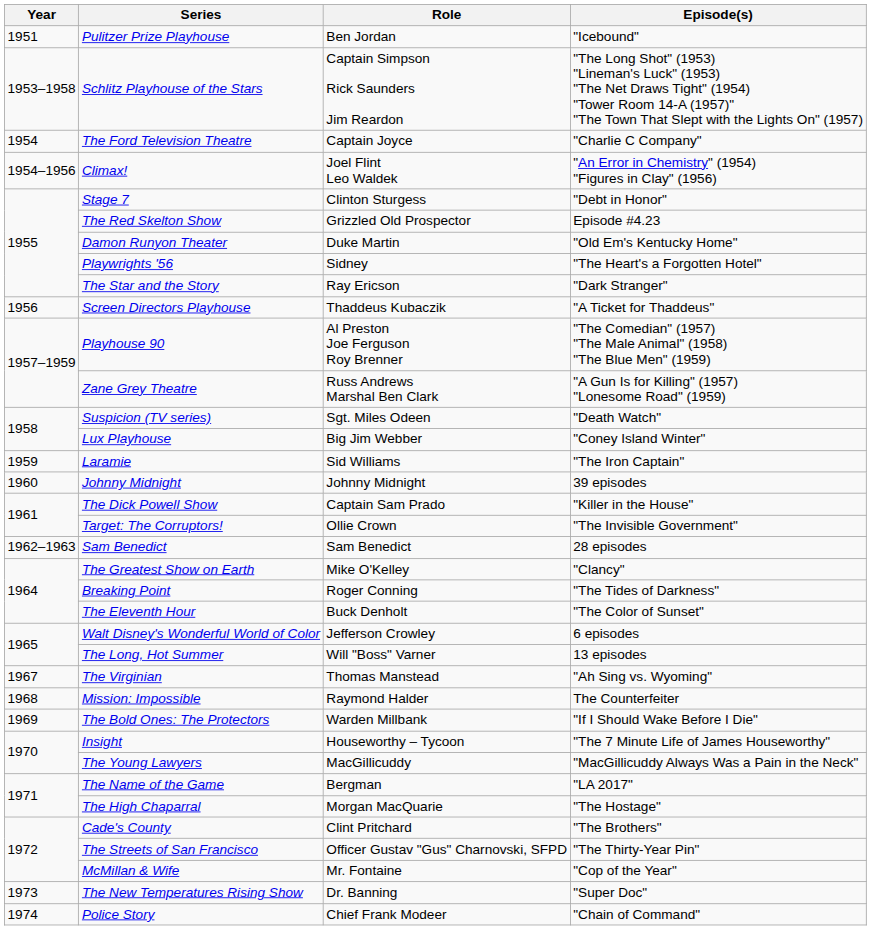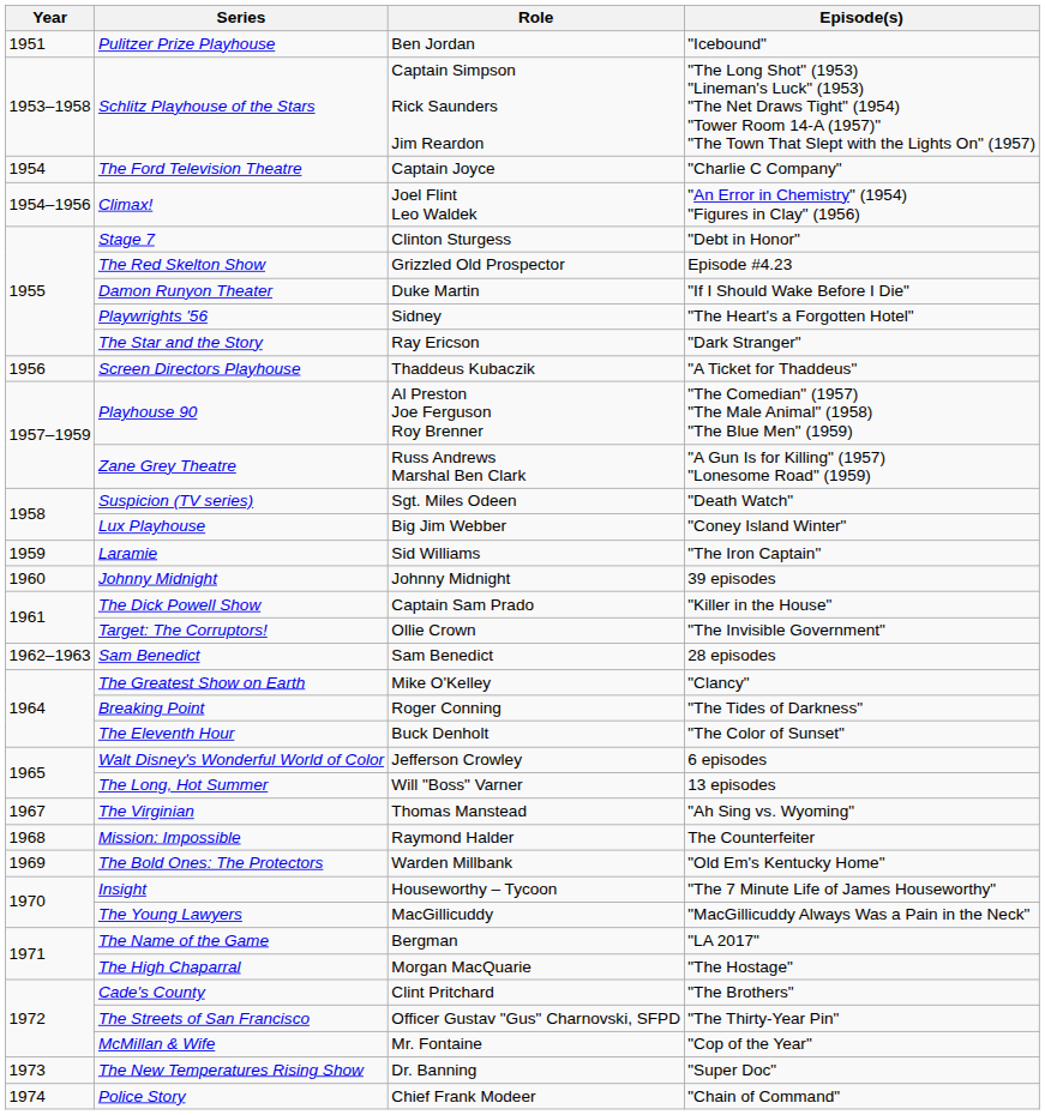 <table class="wikitable">
 <tr>
 <th>Year</th>
 <th>Series</th>
 <th>Role</th>
 <th>Episode(s)</th>
 </tr>
 <tr>
 <td>1951</td>
 <td><em><a href='#'>Pulitzer Prize Playhouse</a></em></td>
 <td>Ben Jordan</td>
 <td>"Icebound"</td>
 </tr>
 <tr>
 <td>1953–1958</td>
 <td><em><a href='#'>Schlitz Playhouse of the Stars</a></em></td>
 <td>Captain Simpson<br><br>Rick Saunders<br><br>Jim Reardon</td>
 <td>"The Long Shot" (1953)<br>"Lineman's Luck" (1953)<br>"The Net Draws Tight" (1954)<br>"Tower Room 14-A (1957)"<br>"The Town That Slept with the Lights On" (1957)</td>
 </tr>
 <tr>
 <td>1954</td>
 <td><em><a href='#'>The Ford Television Theatre</a></em></td>
 <td>Captain Joyce</td>
 <td>"Charlie C Company"</td>
 </tr>
 <tr>
 <td>1954–1956</td>
 <td><em><a href='#'>Climax!</a></em></td>
 <td>Joel Flint<br>Leo Waldek</td>
 <td>"<a href='#'>An Error in Chemistry</a>" (1954)<br>"Figures in Clay" (1956)</td>
 </tr>
 <tr>
 <td rowspan="5">1955</td>
 <td><em><a href='#'>Stage 7</a></em></td>
 <td>Clinton Sturgess</td>
 <td>"Debt in Honor"</td>
 </tr>
 <tr>
 <td><em><a href='#'>The Red Skelton Show</a></em></td>
 <td>Grizzled Old Prospector</td>
 <td>Episode #4.23</td>
 </tr>
 <tr>
 <td><em><a href='#'>Damon Runyon Theater</a></em></td>
 <td>Duke Martin</td>
-<td>"Old Em's Kentucky Home"</td>
+<td>"If I Should Wake Before I Die"</td>
 </tr>
 <tr>
 <td><em><a href='#'>Playwrights '56</a></em></td>
 <td>Sidney</td>
 <td>"The Heart's a Forgotten Hotel"</td>
 </tr>
 <tr>
 <td><em><a href='#'>The Star and the Story</a></em></td>
 <td>Ray Ericson</td>
 <td>"Dark Stranger"</td>
 </tr>
 <tr>
 <td>1956</td>
 <td><em><a href='#'>Screen Directors Playhouse</a></em></td>
 <td>Thaddeus Kubaczik</td>
 <td>"A Ticket for Thaddeus"</td>
 </tr>
 <tr>
 <td rowspan="2">1957–1959</td>
 <td><em><a href='#'>Playhouse 90</a></em></td>
 <td>Al Preston<br>Joe Ferguson<br>Roy Brenner</td>
 <td>"The Comedian" (1957)<br>"The Male Animal" (1958)<br>"The Blue Men" (1959)</td>
 </tr>
 <tr>
 <td><em><a href='#'>Zane Grey Theatre</a></em></td>
 <td>Russ Andrews<br>Marshal Ben Clark</td>
 <td>"A Gun Is for Killing" (1957)<br>"Lonesome Road" (1959)</td>
 </tr>
 <tr>
 <td rowspan="2">1958</td>
 <td><em><a href='#'>Suspicion (TV series)</a></em></td>
 <td>Sgt. Miles Odeen</td>
 <td>"Death Watch"</td>
 </tr>
 <tr>
 <td><em><a href='#'>Lux Playhouse</a></em></td>
 <td>Big Jim Webber</td>
 <td>"Coney Island Winter"</td>
 </tr>
 <tr>
 <td>1959</td>
 <td><em><a href='#'>Laramie</a></em></td>
 <td>Sid Williams</td>
 <td>"The Iron Captain"</td>
 </tr>
 <tr>
 <td>1960</td>
 <td><em><a href='#'>Johnny Midnight</a></em></td>
 <td>Johnny Midnight</td>
 <td>39 episodes</td>
 </tr>
 <tr>
 <td rowspan="2">1961</td>
 <td><em><a href='#'>The Dick Powell Show</a></em></td>
 <td>Captain Sam Prado</td>
 <td>"Killer in the House"</td>
 </tr>
 <tr>
 <td><em><a href='#'>Target: The Corruptors!</a></em></td>
 <td>Ollie Crown</td>
 <td>"The Invisible Government"</td>
 </tr>
 <tr>
 <td>1962–1963</td>
 <td><em><a href='#'>Sam Benedict</a></em></td>
 <td>Sam Benedict</td>
 <td>28 episodes</td>
 </tr>
 <tr>
 <td rowspan="3">1964</td>
 <td><em><a href='#'>The Greatest Show on Earth</a></em></td>
 <td>Mike O'Kelley</td>
 <td>"Clancy"</td>
 </tr>
 <tr>
 <td><em><a href='#'>Breaking Point</a></em></td>
 <td>Roger Conning</td>
 <td>"The Tides of Darkness"</td>
 </tr>
 <tr>
 <td><em><a href='#'>The Eleventh Hour</a></em></td>
 <td>Buck Denholt</td>
 <td>"The Color of Sunset"</td>
 </tr>
 <tr>
 <td rowspan="2">1965</td>
 <td><em><a href='#'>Walt Disney's Wonderful World of Color</a></em></td>
 <td>Jefferson Crowley</td>
 <td>6 episodes</td>
 </tr>
 <tr>
 <td><em><a href='#'>The Long, Hot Summer</a></em></td>
 <td>Will "Boss" Varner</td>
 <td>13 episodes</td>
 </tr>
 <tr>
 <td>1967</td>
 <td><em><a href='#'>The Virginian</a></em></td>
 <td>Thomas Manstead</td>
 <td>"Ah Sing vs. Wyoming"</td>
 </tr>
 <tr>
 <td>1968</td>
 <td><em><a href='#'>Mission: Impossible</a></em></td>
 <td>Raymond Halder</td>
 <td>The Counterfeiter</td>
 </tr>
 <tr>
 <td>1969</td>
 <td><em><a href='#'>The Bold Ones: The Protectors</a></em></td>
 <td>Warden Millbank</td>
-<td>"If I Should Wake Before I Die"</td>
+<td>"Old Em's Kentucky Home"</td>
 </tr>
 <tr>
 <td rowspan="2">1970</td>
 <td><em><a href='#'>Insight</a></em></td>
 <td>Houseworthy – Tycoon</td>
 <td>"The 7 Minute Life of James Houseworthy"</td>
 </tr>
 <tr>
 <td><em><a href='#'>The Young Lawyers</a></em></td>
 <td>MacGillicuddy</td>
 <td>"MacGillicuddy Always Was a Pain in the Neck"</td>
 </tr>
 <tr>
 <td rowspan="2">1971</td>
 <td><em><a href='#'>The Name of the Game</a></em></td>
 <td>Bergman</td>
 <td>"LA 2017"</td>
 </tr>
 <tr>
 <td><em><a href='#'>The High Chaparral</a></em></td>
 <td>Morgan MacQuarie</td>
 <td>"The Hostage"</td>
 </tr>
 <tr>
 <td rowspan="3">1972</td>
 <td><em><a href='#'>Cade's County</a></em></td>
 <td>Clint Pritchard</td>
 <td>"The Brothers"</td>
 </tr>
 <tr>
 <td><em><a href='#'>The Streets of San Francisco</a></em></td>
 <td>Officer Gustav "Gus" Charnovski, SFPD</td>
 <td>"The Thirty-Year Pin"</td>
 </tr>
 <tr>
 <td><em><a href='#'>McMillan & Wife</a></em></td>
 <td>Mr. Fontaine</td>
 <td>"Cop of the Year"</td>
 </tr>
 <tr>
 <td>1973</td>
 <td><em><a href='#'>The New Temperatures Rising Show</a></em></td>
 <td>Dr. Banning</td>
 <td>"Super Doc"</td>
 </tr>
 <tr>
 <td>1974</td>
 <td><em><a href='#'>Police Story</a></em></td>
 <td>Chief Frank Modeer</td>
 <td>"Chain of Command"</td>
 </tr>
 </table>
